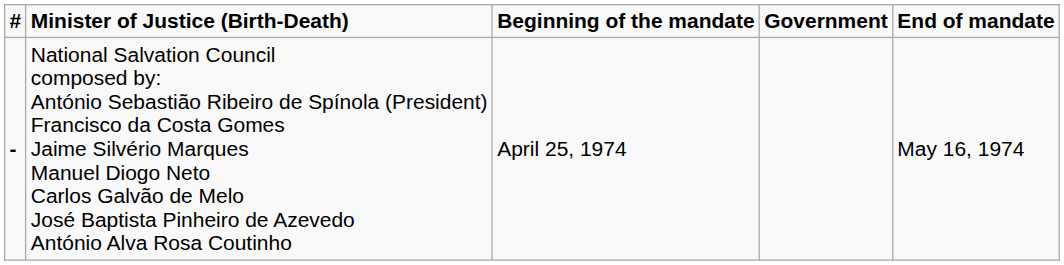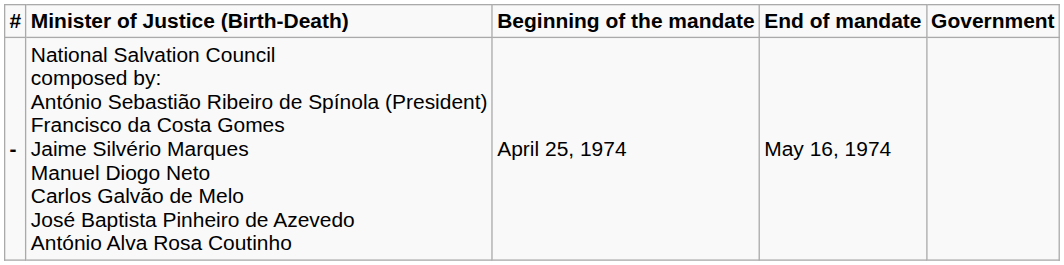 <table class="wikitable">
 <tr>
 <td><strong>#</strong></td>
 <td><strong>Minister of Justice (Birth-Death)</strong></td>
 <td><strong>Beginning of the mandate</strong></td>
+<td><strong>End of mandate</strong></td>
 <td><strong>Government</strong></td>
-<td><strong>End of mandate</strong></td>
 </tr>
 <tr>
 <td><strong>-</strong></td>
 <td>National Salvation Council<br>composed by:<br>António Sebastião Ribeiro de Spínola (President)<br>Francisco da Costa Gomes<br>Jaime Silvério Marques<br>Manuel Diogo Neto<br>Carlos Galvão de Melo<br>José Baptista Pinheiro de Azevedo<br>António Alva Rosa Coutinho</td>
 <td>April 25, 1974</td>
+<td>May 16, 1974</td>
 <td></td>
-<td>May 16, 1974</td>
 </tr>
 </table>
